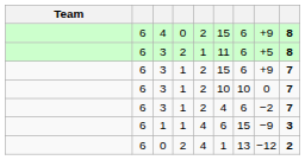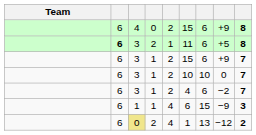 <table class="wikitable" style="text-align:center">
 <tr>
 <th width=165>Team</th>
 <th width=20></th>
 <th width=20></th>
 <th width=20></th>
 <th width=20></th>
 <th width=20></th>
 <th width=20></th>
 <th width=20></th>
 <th width=20></th>
 </tr>
 <tr bgcolor=ccffcc>
 <td align=left></td>
 <td>6</td>
 <td>4</td>
 <td>0</td>
 <td>2</td>
 <td>15</td>
 <td>6</td>
 <td>+9</td>
 <td><strong>8</strong></td>
 </tr>
 <tr bgcolor=ccffcc>
 <td align=left></td>
-<td>6</td>
+<td><strong>6</strong></td>
 <td>3</td>
 <td>2</td>
 <td>1</td>
 <td>11</td>
 <td>6</td>
 <td>+5</td>
 <td><strong>8</strong></td>
 </tr>
 <tr>
 <td align=left></td>
 <td>6</td>
 <td>3</td>
 <td>1</td>
 <td>2</td>
 <td>15</td>
 <td>6</td>
 <td>+9</td>
 <td><strong>7</strong></td>
 </tr>
 <tr>
 <td align=left></td>
 <td>6</td>
 <td>3</td>
 <td>1</td>
 <td>2</td>
 <td>10</td>
 <td>10</td>
 <td>0</td>
 <td><strong>7</strong></td>
 </tr>
 <tr>
 <td align=left></td>
 <td>6</td>
 <td>3</td>
 <td>1</td>
 <td>2</td>
 <td>4</td>
 <td>6</td>
 <td>−2</td>
 <td><strong>7</strong></td>
 </tr>
 <tr>
 <td align=left></td>
 <td>6</td>
 <td>1</td>
 <td>1</td>
 <td>4</td>
 <td>6</td>
 <td>15</td>
 <td>−9</td>
 <td><strong>3</strong></td>
 </tr>
 <tr>
 <td align=left></td>
 <td>6</td>
-<td>0</td>
+<td style="background: khaki;">0</td>
 <td>2</td>
 <td>4</td>
 <td>1</td>
 <td>13</td>
 <td>−12</td>
 <td><strong>2</strong></td>
 </tr>
 </table>
